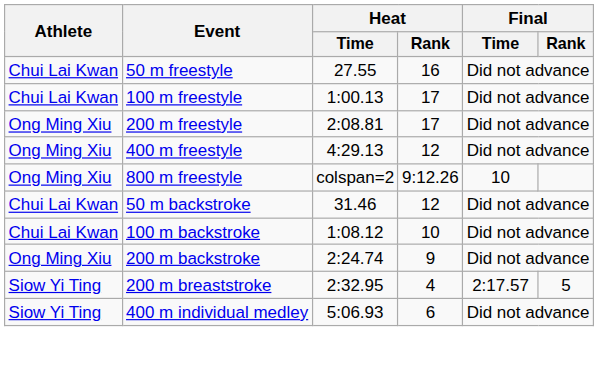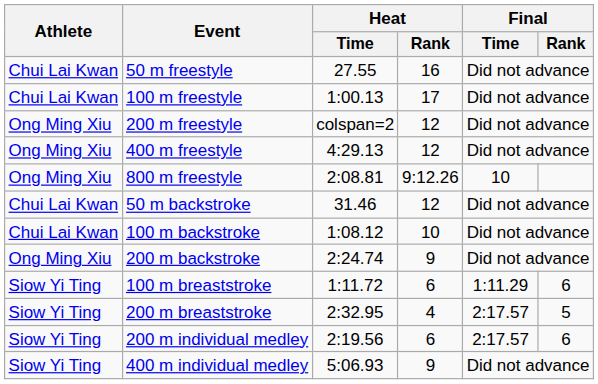 <table class=wikitable style=font-size:90%>
 <tr>
 <th rowspan=2>Athlete</th>
 <th rowspan=2>Event</th>
 <th colspan=2>Heat</th>
 <th colspan=2>Final</th>
 </tr>
 <tr style=font-size:95%>
 <th>Time</th>
 <th>Rank</th>
 <th>Time</th>
 <th>Rank</th>
 </tr>
 <tr align=center>
 <td align=left><a href='#'>Chui Lai Kwan</a></td>
 <td align=left><a href='#'>50 m freestyle</a></td>
 <td>27.55</td>
 <td>16</td>
 <td colspan=2>Did not advance</td>
 </tr>
 <tr align=center>
 <td align=left><a href='#'>Chui Lai Kwan</a></td>
 <td align=left><a href='#'>100 m freestyle</a></td>
 <td>1:00.13</td>
 <td>17</td>
 <td colspan=2>Did not advance</td>
 </tr>
 <tr align=center>
 <td align=left><a href='#'>Ong Ming Xiu</a></td>
 <td align=left><a href='#'>200 m freestyle</a></td>
-<td>2:08.81</td>
-<td>17</td>
+<td>colspan=2 </td>
+<td>12</td>
 <td colspan=2>Did not advance</td>
 </tr>
 <tr align=center>
 <td align=left><a href='#'>Ong Ming Xiu</a></td>
 <td align=left><a href='#'>400 m freestyle</a></td>
 <td>4:29.13</td>
 <td>12</td>
 <td colspan=2>Did not advance</td>
 </tr>
 <tr align=center>
 <td align=left><a href='#'>Ong Ming Xiu</a></td>
 <td align=left><a href='#'>800 m freestyle</a></td>
-<td>colspan=2 </td>
+<td>2:08.81</td>
 <td>9:12.26</td>
 <td>10</td>
 </tr>
 <tr align=center>
 <td align=left><a href='#'>Chui Lai Kwan</a></td>
 <td align=left><a href='#'>50 m backstroke</a></td>
 <td>31.46</td>
 <td>12</td>
 <td colspan=2>Did not advance</td>
 </tr>
 <tr align=center>
 <td align=left><a href='#'>Chui Lai Kwan</a></td>
 <td align=left><a href='#'>100 m backstroke</a></td>
 <td>1:08.12</td>
 <td>10</td>
 <td colspan=2>Did not advance</td>
 </tr>
 <tr align=center>
 <td align=left><a href='#'>Ong Ming Xiu</a></td>
 <td align=left><a href='#'>200 m backstroke</a></td>
 <td>2:24.74</td>
 <td>9</td>
 <td colspan=2>Did not advance</td>
 </tr>
 <tr align=center>
 <td align=left><a href='#'>Siow Yi Ting</a></td>
+<td align=left><a href='#'>100 m breaststroke</a></td>
+<td>1:11.72</td>
+<td>6 <strong></strong></td>
+<td>1:11.29</td>
+<td>6</td>
+</tr>
+<tr align=center>
+<td align=left><a href='#'>Siow Yi Ting</a></td>
 <td align=left><a href='#'>200 m breaststroke</a></td>
 <td>2:32.95</td>
 <td>4 <strong></strong></td>
 <td>2:17.57</td>
 <td>5</td>
 </tr>
 <tr align=center>
 <td align=left><a href='#'>Siow Yi Ting</a></td>
+<td align=left><a href='#'>200 m individual medley</a></td>
+<td>2:19.56</td>
+<td>6 <strong></strong></td>
+<td>2:17.57</td>
+<td>6</td>
+</tr>
+<tr align=center>
+<td align=left><a href='#'>Siow Yi Ting</a></td>
 <td align=left><a href='#'>400 m individual medley</a></td>
 <td>5:06.93</td>
-<td>6</td>
+<td>9</td>
 <td colspan=2>Did not advance</td>
 </tr>
 </table>
